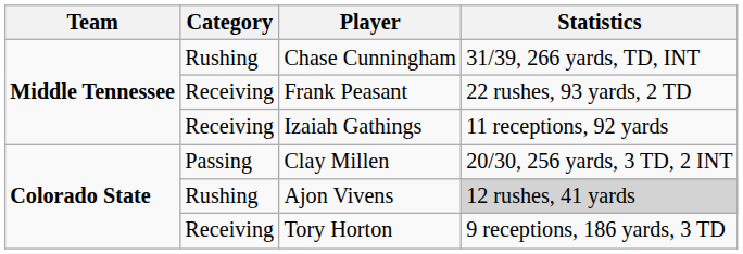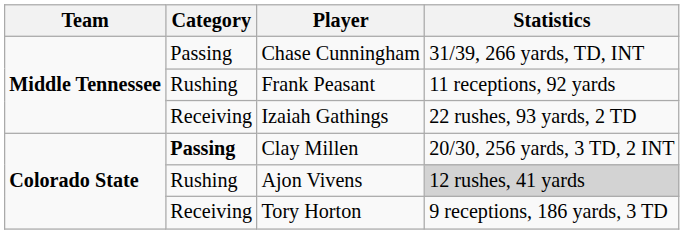 <table class="wikitable" style="float: left;">
 <tr>
 <th>Team</th>
 <th>Category</th>
 <th>Player</th>
 <th>Statistics</th>
 </tr>
 <tr>
 <td rowspan=3><strong>Middle Tennessee</strong></td>
-<td>Rushing</td>
+<td>Passing</td>
 <td>Chase Cunningham</td>
 <td>31/39, 266 yards, TD, INT</td>
 </tr>
 <tr>
-<td>Receiving</td>
+<td>Rushing</td>
 <td>Frank Peasant</td>
-<td>22 rushes, 93 yards, 2 TD</td>
+<td>11 receptions, 92 yards</td>
 </tr>
 <tr>
 <td>Receiving</td>
 <td>Izaiah Gathings</td>
-<td>11 receptions, 92 yards</td>
+<td>22 rushes, 93 yards, 2 TD</td>
 </tr>
 <tr>
 <td rowspan=3><strong>Colorado State</strong></td>
-<td>Passing</td>
+<td><strong>Passing</strong></td>
 <td>Clay Millen</td>
 <td>20/30, 256 yards, 3 TD, 2 INT</td>
 </tr>
 <tr>
 <td>Rushing</td>
 <td>Ajon Vivens</td>
 <td style="background: lightgrey;">12 rushes, 41 yards</td>
 </tr>
 <tr>
 <td>Receiving</td>
 <td>Tory Horton</td>
 <td>9 receptions, 186 yards, 3 TD</td>
 </tr>
 </table>
